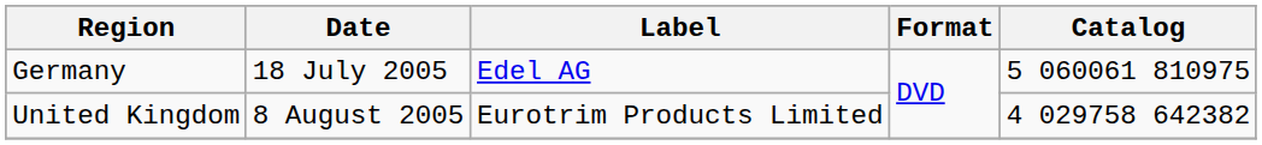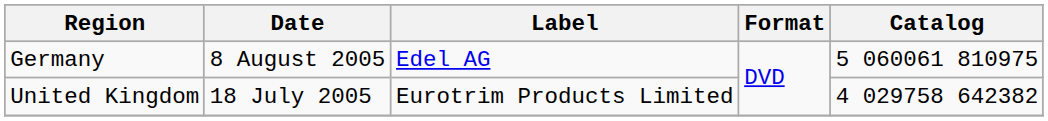 <table class="wikitable">
 <tr>
 <th>Region</th>
 <th>Date</th>
 <th>Label</th>
 <th>Format</th>
 <th>Catalog</th>
 </tr>
 <tr>
 <td rowspan="1">Germany</td>
-<td rowspan="1">18 July 2005</td>
+<td rowspan="1">8 August 2005</td>
 <td rowspan="1"><a href='#'>Edel AG</a></td>
 <td rowspan="2"><a href='#'>DVD</a></td>
 <td rowspan="1">5 060061 810975</td>
 </tr>
 <tr>
 <td rowspan="1">United Kingdom</td>
-<td rowspan="1">8 August 2005</td>
+<td rowspan="1">18 July 2005</td>
 <td rowspan="1">Eurotrim Products Limited</td>
 <td rowspan="1">4 029758 642382</td>
 </tr>
 <tr>
 </tr>
 </table>
